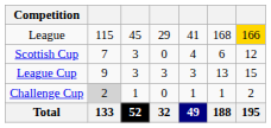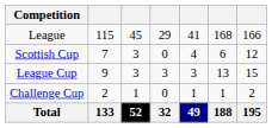 <table class="wikitable" style="text-align:center">
 <tr>
 <th width=100>Competition</th>
 <th width=35></th>
 <th width=30></th>
 <th width=30></th>
 <th width=30></th>
 <th width=30></th>
 <th width=30></th>
 </tr>
 <tr>
 <td>League</td>
 <td>115</td>
 <td>45</td>
 <td>29</td>
 <td>41</td>
 <td>168</td>
-<td style="background: gold;">166</td>
+<td>166</td>
 </tr>
 <tr>
 <td><a href='#'>Scottish Cup</a></td>
 <td>7</td>
 <td>3</td>
 <td>0</td>
 <td>4</td>
 <td>6</td>
 <td>12</td>
 </tr>
 <tr>
 <td><a href='#'>League Cup</a></td>
 <td>9</td>
 <td>3</td>
 <td>3</td>
 <td>3</td>
 <td>13</td>
 <td>15</td>
 </tr>
 <tr>
 <td><a href='#'>Challenge Cup</a></td>
-<td style="background: lightgrey;">2</td>
+<td>2</td>
 <td>1</td>
 <td>0</td>
 <td>1</td>
 <td>1</td>
 <td>2</td>
 </tr>
 <tr>
 <th>Total</th>
 <th>133</th>
 <th style="text-align:center; color:white; background:black;">52</th>
 <th>32</th>
 <th style="text-align:center; color:white; background:#000080;">49</th>
 <th>188</th>
 <th>195</th>
 </tr>
 </table>
